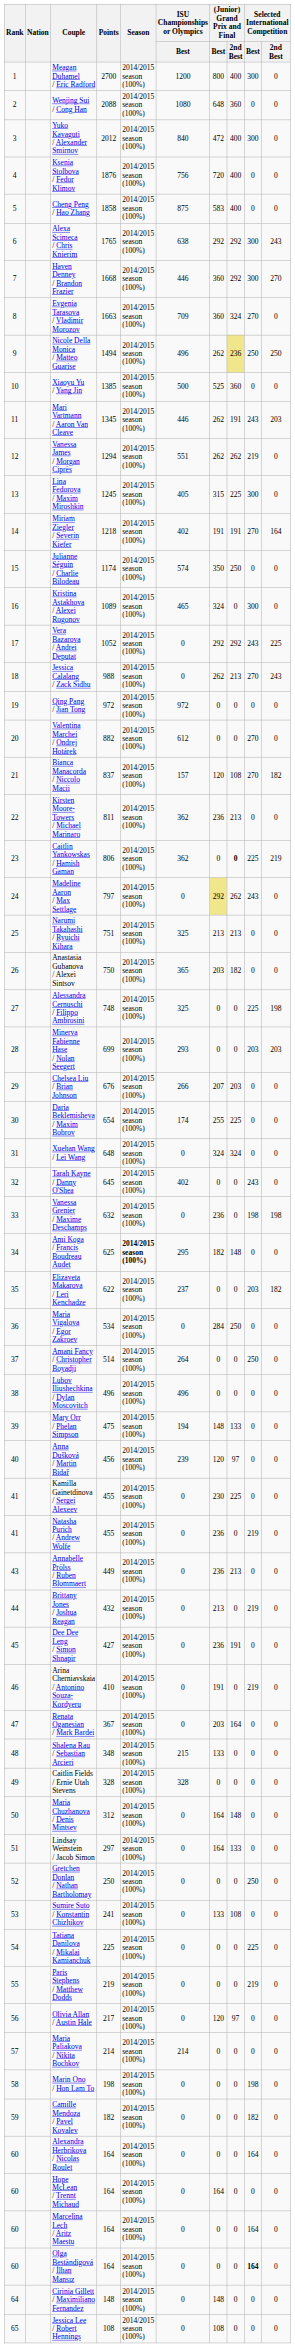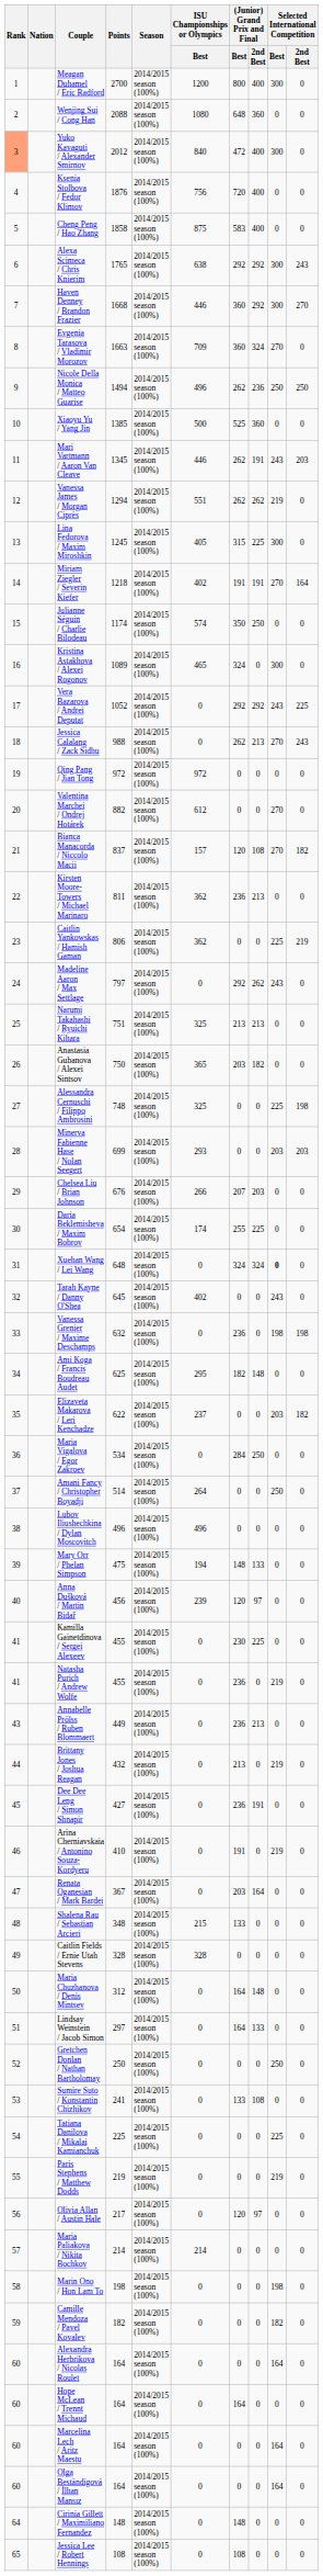 <table class="wikitable sortable" style="text-align: center;">
 <tr>
 <th rowspan="2">Rank</th>
 <th rowspan="2">Nation</th>
 <th rowspan="2">Couple</th>
 <th rowspan="2">Points</th>
 <th rowspan="2">Season</th>
 <th>ISU <br> Championships <br> or Olympics</th>
 <th colspan="2">(Junior) Grand <br> Prix and Final</th>
 <th colspan="2">Selected <br> International <br> Competition</th>
 </tr>
 <tr>
 <th>Best</th>
 <th>Best</th>
 <th>2nd Best</th>
 <th>Best</th>
 <th>2nd Best</th>
 </tr>
 <tr>
 <td>1</td>
 <td style="text-align: left;"></td>
 <td style="text-align: left;"><a href='#'>Meagan Duhamel</a> <br>/ <a href='#'>Eric Radford</a></td>
 <td>2700</td>
 <td style="text-align: left;">2014/2015 season (100%)</td>
 <td>1200</td>
 <td>800</td>
 <td>400</td>
 <td>300</td>
 <td>0</td>
 </tr>
 <tr>
 <td>2</td>
 <td style="text-align: left;"></td>
 <td style="text-align: left;"><a href='#'>Wenjing Sui</a> <br>/ <a href='#'>Cong Han</a></td>
 <td>2088</td>
 <td style="text-align: left;">2014/2015 season (100%)</td>
 <td>1080</td>
 <td>648</td>
 <td>360</td>
 <td>0</td>
 <td>0</td>
 </tr>
 <tr>
-<td>3</td>
+<td style="background: lightsalmon;">3</td>
 <td style="text-align: left;"></td>
 <td style="text-align: left;"><a href='#'>Yuko Kavaguti</a> <br>/ <a href='#'>Alexander Smirnov</a></td>
 <td>2012</td>
 <td style="text-align: left;">2014/2015 season (100%)</td>
 <td>840</td>
 <td>472</td>
 <td>400</td>
 <td>300</td>
 <td>0</td>
 </tr>
 <tr>
 <td>4</td>
 <td style="text-align: left;"></td>
 <td style="text-align: left;"><a href='#'>Ksenia Stolbova</a> <br>/ <a href='#'>Fedor Klimov</a></td>
 <td>1876</td>
 <td style="text-align: left;">2014/2015 season (100%)</td>
 <td>756</td>
 <td>720</td>
 <td>400</td>
 <td>0</td>
 <td>0</td>
 </tr>
 <tr>
 <td>5</td>
 <td style="text-align: left;"></td>
 <td style="text-align: left;"><a href='#'>Cheng Peng</a> <br>/ <a href='#'>Hao Zhang</a></td>
 <td>1858</td>
 <td style="text-align: left;">2014/2015 season (100%)</td>
 <td>875</td>
 <td>583</td>
 <td>400</td>
 <td>0</td>
 <td>0</td>
 </tr>
 <tr>
 <td>6</td>
 <td style="text-align: left;"></td>
 <td style="text-align: left;"><a href='#'>Alexa Scimeca</a> <br>/ <a href='#'>Chris Knierim</a></td>
 <td>1765</td>
 <td style="text-align: left;">2014/2015 season (100%)</td>
 <td>638</td>
 <td>292</td>
 <td>292</td>
 <td>300</td>
 <td>243</td>
 </tr>
 <tr>
 <td>7</td>
 <td style="text-align: left;"></td>
 <td style="text-align: left;"><a href='#'>Haven Denney</a> <br>/ <a href='#'>Brandon Frazier</a></td>
 <td>1668</td>
 <td style="text-align: left;">2014/2015 season (100%)</td>
 <td>446</td>
 <td>360</td>
 <td>292</td>
 <td>300</td>
 <td>270</td>
 </tr>
 <tr>
 <td>8</td>
 <td style="text-align: left;"></td>
 <td style="text-align: left;"><a href='#'>Evgenia Tarasova</a> <br>/ <a href='#'>Vladimir Morozov</a></td>
 <td>1663</td>
 <td style="text-align: left;">2014/2015 season (100%)</td>
 <td>709</td>
 <td>360</td>
 <td>324</td>
 <td>270</td>
 <td>0</td>
 </tr>
 <tr>
 <td>9</td>
 <td style="text-align: left;"></td>
 <td style="text-align: left;"><a href='#'>Nicole Della Monica</a> <br>/ <a href='#'>Matteo Guarise</a></td>
 <td>1494</td>
 <td style="text-align: left;">2014/2015 season (100%)</td>
 <td>496</td>
 <td>262</td>
-<td style="background: khaki;">236</td>
+<td>236</td>
 <td>250</td>
 <td>250</td>
 </tr>
 <tr>
 <td>10</td>
 <td style="text-align: left;"></td>
 <td style="text-align: left;"><a href='#'>Xiaoyu Yu</a> <br>/ <a href='#'>Yang Jin</a></td>
 <td>1385</td>
 <td style="text-align: left;">2014/2015 season (100%)</td>
 <td>500</td>
 <td>525</td>
 <td>360</td>
 <td>0</td>
 <td>0</td>
 </tr>
 <tr>
 <td>11</td>
 <td style="text-align: left;"></td>
 <td style="text-align: left;"><a href='#'>Mari Vartmann</a> <br>/ <a href='#'>Aaron Van Cleave</a></td>
 <td>1345</td>
 <td style="text-align: left;">2014/2015 season (100%)</td>
 <td>446</td>
 <td>262</td>
 <td>191</td>
 <td>243</td>
 <td>203</td>
 </tr>
 <tr>
 <td>12</td>
 <td style="text-align: left;"></td>
 <td style="text-align: left;"><a href='#'>Vanessa James</a> <br>/ <a href='#'>Morgan Ciprès</a></td>
 <td>1294</td>
 <td style="text-align: left;">2014/2015 season (100%)</td>
 <td>551</td>
 <td>262</td>
 <td>262</td>
 <td>219</td>
 <td>0</td>
 </tr>
 <tr>
 <td>13</td>
 <td style="text-align: left;"></td>
 <td style="text-align: left;"><a href='#'>Lina Fedorova</a> <br>/ <a href='#'>Maxim Miroshkin</a></td>
 <td>1245</td>
 <td style="text-align: left;">2014/2015 season (100%)</td>
 <td>405</td>
 <td>315</td>
 <td>225</td>
 <td>300</td>
 <td>0</td>
 </tr>
 <tr>
 <td>14</td>
 <td style="text-align: left;"></td>
 <td style="text-align: left;"><a href='#'>Miriam Ziegler</a> <br>/ <a href='#'>Severin Kiefer</a></td>
 <td>1218</td>
 <td style="text-align: left;">2014/2015 season (100%)</td>
 <td>402</td>
 <td>191</td>
 <td>191</td>
 <td>270</td>
 <td>164</td>
 </tr>
 <tr>
 <td>15</td>
 <td style="text-align: left;"></td>
 <td style="text-align: left;"><a href='#'>Julianne Séguin</a> <br>/ <a href='#'>Charlie Bilodeau</a></td>
 <td>1174</td>
 <td style="text-align: left;">2014/2015 season (100%)</td>
 <td>574</td>
 <td>350</td>
 <td>250</td>
 <td>0</td>
 <td>0</td>
 </tr>
 <tr>
 <td>16</td>
 <td style="text-align: left;"></td>
 <td style="text-align: left;"><a href='#'>Kristina Astakhova</a> <br>/ <a href='#'>Alexei Rogonov</a></td>
 <td>1089</td>
 <td style="text-align: left;">2014/2015 season (100%)</td>
 <td>465</td>
 <td>324</td>
 <td>0</td>
 <td>300</td>
 <td>0</td>
 </tr>
 <tr>
 <td>17</td>
 <td style="text-align: left;"></td>
 <td style="text-align: left;"><a href='#'>Vera Bazarova</a> <br>/ <a href='#'>Andrei Deputat</a></td>
 <td>1052</td>
 <td style="text-align: left;">2014/2015 season (100%)</td>
 <td>0</td>
 <td>292</td>
 <td>292</td>
 <td>243</td>
 <td>225</td>
 </tr>
 <tr>
 <td>18</td>
 <td style="text-align: left;"></td>
 <td style="text-align: left;"><a href='#'>Jessica Calalang</a> <br>/ <a href='#'>Zack Sidhu</a></td>
 <td>988</td>
 <td style="text-align: left;">2014/2015 season (100%)</td>
 <td>0</td>
 <td>262</td>
 <td>213</td>
 <td>270</td>
 <td>243</td>
 </tr>
 <tr>
 <td>19</td>
 <td style="text-align: left;"></td>
 <td style="text-align: left;"><a href='#'>Qing Pang</a> <br>/ <a href='#'>Jian Tong</a></td>
 <td>972</td>
 <td style="text-align: left;">2014/2015 season (100%)</td>
 <td>972</td>
 <td>0</td>
 <td>0</td>
 <td>0</td>
 <td>0</td>
 </tr>
 <tr>
 <td>20</td>
 <td style="text-align: left;"></td>
 <td style="text-align: left;"><a href='#'>Valentina Marchei</a> <br>/ <a href='#'>Ondrej Hotárek</a></td>
 <td>882</td>
 <td style="text-align: left;">2014/2015 season (100%)</td>
 <td>612</td>
 <td>0</td>
 <td>0</td>
 <td>270</td>
 <td>0</td>
 </tr>
 <tr>
 <td>21</td>
 <td style="text-align: left;"></td>
 <td style="text-align: left;"><a href='#'>Bianca Manacorda</a> <br>/ <a href='#'>Niccolo Macii</a></td>
 <td>837</td>
 <td style="text-align: left;">2014/2015 season (100%)</td>
 <td>157</td>
 <td>120</td>
 <td>108</td>
 <td>270</td>
 <td>182</td>
 </tr>
 <tr>
 <td>22</td>
 <td style="text-align: left;"></td>
 <td style="text-align: left;"><a href='#'>Kirsten Moore-Towers</a> <br>/ <a href='#'>Michael Marinaro</a></td>
 <td>811</td>
 <td style="text-align: left;">2014/2015 season (100%)</td>
 <td>362</td>
 <td>236</td>
 <td>213</td>
 <td>0</td>
 <td>0</td>
 </tr>
 <tr>
 <td>23</td>
 <td style="text-align: left;"></td>
 <td style="text-align: left;"><a href='#'>Caitlin Yankowskas</a> <br>/ <a href='#'>Hamish Gaman</a></td>
 <td>806</td>
 <td style="text-align: left;">2014/2015 season (100%)</td>
 <td>362</td>
 <td>0</td>
-<td><strong>0</strong></td>
+<td>0</td>
 <td>225</td>
 <td>219</td>
 </tr>
 <tr>
 <td>24</td>
 <td style="text-align: left;"></td>
 <td style="text-align: left;"><a href='#'>Madeline Aaron</a> <br>/ <a href='#'>Max Settlage</a></td>
 <td>797</td>
 <td style="text-align: left;">2014/2015 season (100%)</td>
 <td>0</td>
-<td style="background: khaki;">292</td>
+<td>292</td>
 <td>262</td>
 <td>243</td>
 <td>0</td>
 </tr>
 <tr>
 <td>25</td>
 <td style="text-align: left;"></td>
 <td style="text-align: left;"><a href='#'>Narumi Takahashi</a> <br>/ <a href='#'>Ryuichi Kihara</a></td>
 <td>751</td>
 <td style="text-align: left;">2014/2015 season (100%)</td>
 <td>325</td>
 <td>213</td>
 <td>213</td>
 <td>0</td>
 <td>0</td>
 </tr>
 <tr>
 <td>26</td>
 <td style="text-align: left;"></td>
 <td style="text-align: left;">Anastasia Gubanova <br>/ Alexei Sintsov</td>
 <td>750</td>
 <td style="text-align: left;">2014/2015 season (100%)</td>
 <td>365</td>
 <td>203</td>
 <td>182</td>
 <td>0</td>
 <td>0</td>
 </tr>
 <tr>
 <td>27</td>
 <td style="text-align: left;"></td>
 <td style="text-align: left;"><a href='#'>Alessandra Cernuschi</a> <br>/ <a href='#'>Filippo Ambrosini</a></td>
 <td>748</td>
 <td style="text-align: left;">2014/2015 season (100%)</td>
 <td>325</td>
 <td>0</td>
 <td>0</td>
 <td>225</td>
 <td>198</td>
 </tr>
 <tr>
 <td>28</td>
 <td style="text-align: left;"></td>
 <td style="text-align: left;"><a href='#'>Minerva Fabienne Hase</a> <br>/ <a href='#'>Nolan Seegert</a></td>
 <td>699</td>
 <td style="text-align: left;">2014/2015 season (100%)</td>
 <td>293</td>
 <td>0</td>
 <td>0</td>
 <td>203</td>
 <td>203</td>
 </tr>
 <tr>
 <td>29</td>
 <td style="text-align: left;"></td>
 <td style="text-align: left;"><a href='#'>Chelsea Liu</a> <br>/ <a href='#'>Brian Johnson</a></td>
 <td>676</td>
 <td style="text-align: left;">2014/2015 season (100%)</td>
 <td>266</td>
 <td>207</td>
 <td>203</td>
 <td>0</td>
 <td>0</td>
 </tr>
 <tr>
 <td>30</td>
 <td style="text-align: left;"></td>
 <td style="text-align: left;"><a href='#'>Daria Beklemisheva</a> <br>/ <a href='#'>Maxim Bobrov</a></td>
 <td>654</td>
 <td style="text-align: left;">2014/2015 season (100%)</td>
 <td>174</td>
 <td>255</td>
 <td>225</td>
 <td>0</td>
 <td>0</td>
 </tr>
 <tr>
 <td>31</td>
 <td style="text-align: left;"></td>
 <td style="text-align: left;"><a href='#'>Xuehan Wang</a> <br>/ <a href='#'>Lei Wang</a></td>
 <td>648</td>
 <td style="text-align: left;">2014/2015 season (100%)</td>
 <td>0</td>
 <td>324</td>
 <td>324</td>
-<td>0</td>
+<td><strong>0</strong></td>
 <td>0</td>
 </tr>
 <tr>
 <td>32</td>
 <td style="text-align: left;"></td>
 <td style="text-align: left;"><a href='#'>Tarah Kayne</a> <br>/ <a href='#'>Danny O'Shea</a></td>
 <td>645</td>
 <td style="text-align: left;">2014/2015 season (100%)</td>
 <td>402</td>
 <td>0</td>
 <td>0</td>
 <td>243</td>
 <td>0</td>
 </tr>
 <tr>
 <td>33</td>
 <td style="text-align: left;"></td>
 <td style="text-align: left;"><a href='#'>Vanessa Grenier</a> <br>/ <a href='#'>Maxime Deschamps</a></td>
 <td>632</td>
 <td style="text-align: left;">2014/2015 season (100%)</td>
 <td>0</td>
 <td>236</td>
 <td>0</td>
 <td>198</td>
 <td>198</td>
 </tr>
 <tr>
 <td>34</td>
 <td style="text-align: left;"></td>
 <td style="text-align: left;"><a href='#'>Ami Koga</a> <br>/ <a href='#'>Francis Boudreau Audet</a></td>
 <td>625</td>
-<td style="text-align: left;"><strong>2014/2015 season (100%)</strong></td>
+<td style="text-align: left;">2014/2015 season (100%)</td>
 <td>295</td>
 <td>182</td>
 <td>148</td>
 <td>0</td>
 <td>0</td>
 </tr>
 <tr>
 <td>35</td>
 <td style="text-align: left;"></td>
 <td style="text-align: left;"><a href='#'>Elizaveta Makarova</a> <br>/ <a href='#'>Leri Kenchadze</a></td>
 <td>622</td>
 <td style="text-align: left;">2014/2015 season (100%)</td>
 <td>237</td>
 <td>0</td>
 <td>0</td>
 <td>203</td>
 <td>182</td>
 </tr>
 <tr>
 <td>36</td>
 <td style="text-align: left;"></td>
 <td style="text-align: left;"><a href='#'>Maria Vigalova</a> <br>/ <a href='#'>Egor Zakroev</a></td>
 <td>534</td>
 <td style="text-align: left;">2014/2015 season (100%)</td>
 <td>0</td>
 <td>284</td>
 <td>250</td>
 <td>0</td>
 <td>0</td>
 </tr>
 <tr>
 <td>37</td>
 <td style="text-align: left;"></td>
 <td style="text-align: left;"><a href='#'>Amani Fancy</a> <br>/ <a href='#'>Christopher Boyadji</a></td>
 <td>514</td>
 <td style="text-align: left;">2014/2015 season (100%)</td>
 <td>264</td>
 <td>0</td>
 <td>0</td>
 <td>250</td>
 <td>0</td>
 </tr>
 <tr>
 <td>38</td>
 <td style="text-align: left;"></td>
 <td style="text-align: left;"><a href='#'>Lubov Iliushechkina</a> <br>/ <a href='#'>Dylan Moscovitch</a></td>
 <td>496</td>
 <td style="text-align: left;">2014/2015 season (100%)</td>
 <td>496</td>
 <td>0</td>
 <td>0</td>
 <td>0</td>
 <td>0</td>
 </tr>
 <tr>
 <td>39</td>
 <td style="text-align: left;"></td>
 <td style="text-align: left;"><a href='#'>Mary Orr</a> <br>/ <a href='#'>Phelan Simpson</a></td>
 <td>475</td>
 <td style="text-align: left;">2014/2015 season (100%)</td>
 <td>194</td>
 <td>148</td>
 <td>133</td>
 <td>0</td>
 <td>0</td>
 </tr>
 <tr>
 <td>40</td>
 <td style="text-align: left;"></td>
 <td style="text-align: left;"><a href='#'>Anna Dušková</a> <br>/ <a href='#'>Martin Bidař</a></td>
 <td>456</td>
 <td style="text-align: left;">2014/2015 season (100%)</td>
 <td>239</td>
 <td>120</td>
 <td>97</td>
 <td>0</td>
 <td>0</td>
 </tr>
 <tr>
 <td>41</td>
 <td style="text-align: left;"></td>
 <td style="text-align: left;">Kamilla Gainetdinova <br>/ <a href='#'>Sergei Alexeev</a></td>
 <td>455</td>
 <td style="text-align: left;">2014/2015 season (100%)</td>
 <td>0</td>
 <td>230</td>
 <td>225</td>
 <td>0</td>
 <td>0</td>
 </tr>
 <tr>
 <td>41</td>
 <td style="text-align: left;"></td>
 <td style="text-align: left;"><a href='#'>Natasha Purich</a> <br>/ <a href='#'>Andrew Wolfe</a></td>
 <td>455</td>
 <td style="text-align: left;">2014/2015 season (100%)</td>
 <td>0</td>
 <td>236</td>
 <td>0</td>
 <td>219</td>
 <td>0</td>
 </tr>
 <tr>
 <td>43</td>
 <td style="text-align: left;"></td>
 <td style="text-align: left;"><a href='#'>Annabelle Prölss</a> <br>/ <a href='#'>Ruben Blommaert</a></td>
 <td>449</td>
 <td style="text-align: left;">2014/2015 season (100%)</td>
 <td>0</td>
 <td>236</td>
 <td>213</td>
 <td>0</td>
 <td>0</td>
 </tr>
 <tr>
 <td>44</td>
 <td style="text-align: left;"></td>
 <td style="text-align: left;"><a href='#'>Brittany Jones</a> <br>/ <a href='#'>Joshua Reagan</a></td>
 <td>432</td>
 <td style="text-align: left;">2014/2015 season (100%)</td>
 <td>0</td>
 <td>213</td>
 <td>0</td>
 <td>219</td>
 <td>0</td>
 </tr>
 <tr>
 <td>45</td>
 <td style="text-align: left;"></td>
 <td style="text-align: left;"><a href='#'>Dee Dee Leng</a> <br>/ <a href='#'>Simon Shnapir</a></td>
 <td>427</td>
 <td style="text-align: left;">2014/2015 season (100%)</td>
 <td>0</td>
 <td>236</td>
 <td>191</td>
 <td>0</td>
 <td>0</td>
 </tr>
 <tr>
 <td>46</td>
 <td style="text-align: left;"></td>
 <td style="text-align: left;">Arina Cherniavskaia <br>/ <a href='#'>Antonino Souza-Kordyeru</a></td>
 <td>410</td>
 <td style="text-align: left;">2014/2015 season (100%)</td>
 <td>0</td>
 <td>191</td>
 <td>0</td>
 <td>219</td>
 <td>0</td>
 </tr>
 <tr>
 <td>47</td>
 <td style="text-align: left;"></td>
 <td style="text-align: left;"><a href='#'>Renata Oganesian</a> <br>/ <a href='#'>Mark Bardei</a></td>
 <td>367</td>
 <td style="text-align: left;">2014/2015 season (100%)</td>
 <td>0</td>
 <td>203</td>
 <td>164</td>
 <td>0</td>
 <td>0</td>
 </tr>
 <tr>
 <td>48</td>
 <td style="text-align: left;"></td>
 <td style="text-align: left;"><a href='#'>Shalena Rau</a> <br>/ <a href='#'>Sebastian Arcieri</a></td>
 <td>348</td>
 <td style="text-align: left;">2014/2015 season (100%)</td>
 <td>215</td>
 <td>133</td>
 <td>0</td>
 <td>0</td>
 <td>0</td>
 </tr>
 <tr>
 <td>49</td>
 <td style="text-align: left;"></td>
 <td style="text-align: left;">Caitlin Fields <br>/ Ernie Utah Stevens</td>
 <td>328</td>
 <td style="text-align: left;">2014/2015 season (100%)</td>
 <td>328</td>
 <td>0</td>
 <td>0</td>
 <td>0</td>
 <td>0</td>
 </tr>
 <tr>
 <td>50</td>
 <td style="text-align: left;"></td>
 <td style="text-align: left;"><a href='#'>Maria Chuzhanova</a> <br>/ <a href='#'>Denis Mintsev</a></td>
 <td>312</td>
 <td style="text-align: left;">2014/2015 season (100%)</td>
 <td>0</td>
 <td>164</td>
 <td>148</td>
 <td>0</td>
 <td>0</td>
 </tr>
 <tr>
 <td>51</td>
 <td style="text-align: left;"></td>
 <td style="text-align: left;">Lindsay Weinstein <br>/ Jacob Simon</td>
 <td>297</td>
 <td style="text-align: left;">2014/2015 season (100%)</td>
 <td>0</td>
 <td>164</td>
 <td>133</td>
 <td>0</td>
 <td>0</td>
 </tr>
 <tr>
 <td>52</td>
 <td style="text-align: left;"></td>
 <td style="text-align: left;"><a href='#'>Gretchen Donlan</a> <br>/ <a href='#'>Nathan Bartholomay</a></td>
 <td>250</td>
 <td style="text-align: left;">2014/2015 season (100%)</td>
 <td>0</td>
 <td>0</td>
 <td>0</td>
 <td>250</td>
 <td>0</td>
 </tr>
 <tr>
 <td>53</td>
 <td style="text-align: left;"></td>
 <td style="text-align: left;"><a href='#'>Sumire Suto</a> <br>/ <a href='#'>Konstantin Chizhikov</a></td>
 <td>241</td>
 <td style="text-align: left;">2014/2015 season (100%)</td>
 <td>0</td>
 <td>133</td>
 <td>108</td>
 <td>0</td>
 <td>0</td>
 </tr>
 <tr>
 <td>54</td>
 <td style="text-align: left;"></td>
 <td style="text-align: left;"><a href='#'>Tatiana Danilova</a> <br>/ <a href='#'>Mikalai Kamianchuk</a></td>
 <td>225</td>
 <td style="text-align: left;">2014/2015 season (100%)</td>
 <td>0</td>
 <td>0</td>
 <td>0</td>
 <td>225</td>
 <td>0</td>
 </tr>
 <tr>
 <td>55</td>
 <td style="text-align: left;"></td>
 <td style="text-align: left;"><a href='#'>Paris Stephens</a> <br>/ <a href='#'>Matthew Dodds</a></td>
 <td>219</td>
 <td style="text-align: left;">2014/2015 season (100%)</td>
 <td>0</td>
 <td>0</td>
 <td>0</td>
 <td>219</td>
 <td>0</td>
 </tr>
 <tr>
 <td>56</td>
 <td style="text-align: left;"></td>
 <td style="text-align: left;"><a href='#'>Olivia Allan</a> <br>/ <a href='#'>Austin Hale</a></td>
 <td>217</td>
 <td style="text-align: left;">2014/2015 season (100%)</td>
 <td>0</td>
 <td>120</td>
 <td>97</td>
 <td>0</td>
 <td>0</td>
 </tr>
 <tr>
 <td>57</td>
 <td style="text-align: left;"></td>
 <td style="text-align: left;"><a href='#'>Maria Paliakova</a> <br>/ <a href='#'>Nikita Bochkov</a></td>
 <td>214</td>
 <td style="text-align: left;">2014/2015 season (100%)</td>
 <td>214</td>
 <td>0</td>
 <td>0</td>
 <td>0</td>
 <td>0</td>
 </tr>
 <tr>
 <td>58</td>
 <td style="text-align: left;"></td>
 <td style="text-align: left;"><a href='#'>Marin Ono</a> <br>/ <a href='#'>Hon Lam To</a></td>
 <td>198</td>
 <td style="text-align: left;">2014/2015 season (100%)</td>
 <td>0</td>
 <td>0</td>
 <td>0</td>
 <td>198</td>
 <td>0</td>
 </tr>
 <tr>
 <td>59</td>
 <td style="text-align: left;"></td>
 <td style="text-align: left;"><a href='#'>Camille Mendoza</a> <br>/ <a href='#'>Pavel Kovalev</a></td>
 <td>182</td>
 <td style="text-align: left;">2014/2015 season (100%)</td>
 <td>0</td>
 <td>0</td>
 <td>0</td>
 <td>182</td>
 <td>0</td>
 </tr>
 <tr>
 <td>60</td>
 <td style="text-align: left;"></td>
 <td style="text-align: left;"><a href='#'>Alexandra Herbrikova</a> <br>/ <a href='#'>Nicolas Roulet</a></td>
 <td>164</td>
 <td style="text-align: left;">2014/2015 season (100%)</td>
 <td>0</td>
 <td>0</td>
 <td>0</td>
 <td>164</td>
 <td>0</td>
 </tr>
 <tr>
 <td>60</td>
 <td style="text-align: left;"></td>
 <td style="text-align: left;"><a href='#'>Hope McLean</a> <br>/ <a href='#'>Trennt Michaud</a></td>
 <td>164</td>
 <td style="text-align: left;">2014/2015 season (100%)</td>
 <td>0</td>
 <td>164</td>
 <td>0</td>
 <td>0</td>
 <td>0</td>
 </tr>
 <tr>
 <td>60</td>
 <td style="text-align: left;"></td>
 <td style="text-align: left;"><a href='#'>Marcelina Lech</a> <br>/ <a href='#'>Aritz Maestu</a></td>
 <td>164</td>
 <td style="text-align: left;">2014/2015 season (100%)</td>
 <td>0</td>
 <td>0</td>
 <td>0</td>
 <td>164</td>
 <td>0</td>
 </tr>
 <tr>
 <td>60</td>
 <td style="text-align: left;"></td>
 <td style="text-align: left;"><a href='#'>Olga Beständigová</a> <br>/ <a href='#'>İlhan Mansız</a></td>
 <td>164</td>
 <td style="text-align: left;">2014/2015 season (100%)</td>
 <td>0</td>
 <td>0</td>
 <td>0</td>
-<td><strong>164</strong></td>
+<td>164</td>
 <td>0</td>
 </tr>
 <tr>
 <td>64</td>
 <td style="text-align: left;"></td>
 <td style="text-align: left;"><a href='#'>Cirinia Gillett</a> <br>/ <a href='#'>Maximiliano Fernandez</a></td>
 <td>148</td>
 <td style="text-align: left;">2014/2015 season (100%)</td>
 <td>0</td>
 <td>148</td>
 <td>0</td>
 <td>0</td>
 <td>0</td>
 </tr>
 <tr>
 <td>65</td>
 <td style="text-align: left;"></td>
 <td style="text-align: left;"><a href='#'>Jessica Lee</a> <br>/ <a href='#'>Robert Hennings</a></td>
 <td>108</td>
 <td style="text-align: left;">2014/2015 season (100%)</td>
 <td>0</td>
 <td>108</td>
 <td>0</td>
 <td>0</td>
 <td>0</td>
 </tr>
 </table>
